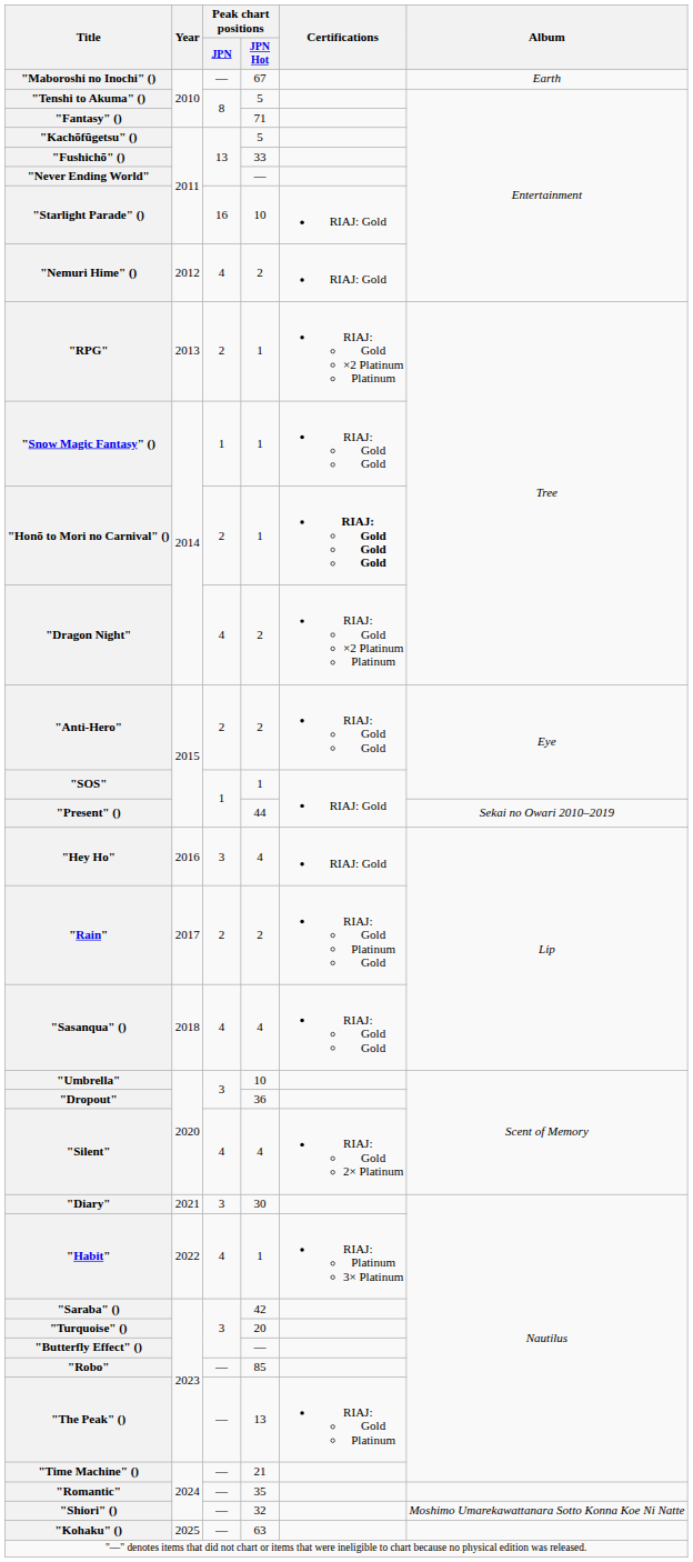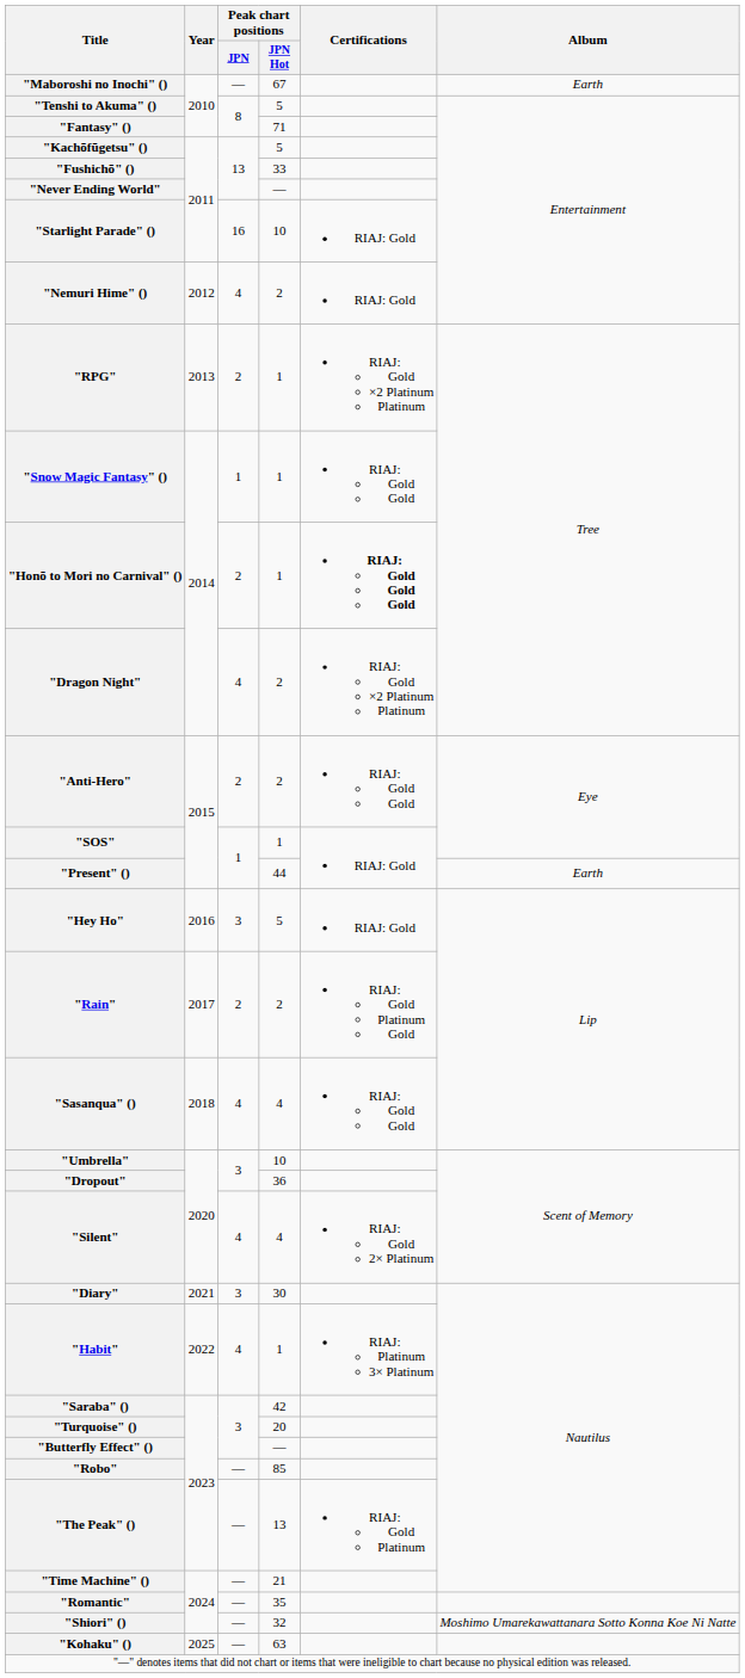 <table class="wikitable plainrowheaders" style="text-align:center;">
 <tr>
 <th scope="col" rowspan="2">Title</th>
 <th scope="col" rowspan="2">Year</th>
 <th scope="col" colspan="2">Peak chart<br>positions</th>
 <th scope="col" rowspan="2">Certifications</th>
 <th scope="col" rowspan="2">Album</th>
 </tr>
 <tr>
 <th scope="col" style="width:3em;font-size:90%;"><a href='#'>JPN</a><br></th>
 <th scope="col" style="width:3em;font-size:90%;"><a href='#'>JPN<br>Hot</a><br></th>
 </tr>
 <tr>
 <th scope="row">"Maboroshi no Inochi" ()</th>
 <td rowspan="3">2010</td>
 <td>—</td>
 <td>67<br></td>
 <td></td>
 <td><em>Earth</em></td>
 </tr>
 <tr>
 <th scope="row">"Tenshi to Akuma" ()</th>
 <td rowspan="2">8</td>
 <td>5</td>
 <td></td>
 <td rowspan="7"><em>Entertainment</em></td>
 </tr>
 <tr>
 <th scope="row">"Fantasy" ()</th>
 <td>71</td>
 <td></td>
 </tr>
 <tr>
 <th scope="row">"Kachōfūgetsu" ()</th>
 <td rowspan="4">2011</td>
 <td rowspan="3">13</td>
 <td>5<br></td>
 <td></td>
 </tr>
 <tr>
 <th scope="row">"Fushichō" ()</th>
 <td>33<br></td>
 </tr>
 <tr>
 <th scope="row">"Never Ending World"</th>
 <td>—<br></td>
 <td></td>
 </tr>
 <tr>
 <th scope="row">"Starlight Parade" ()</th>
 <td>16</td>
 <td>10</td>
 <td><br><ul><li>RIAJ: Gold </li></ul></td>
 </tr>
 <tr>
 <th scope="row">"Nemuri Hime" ()</th>
 <td>2012</td>
 <td>4</td>
 <td>2</td>
 <td><br><ul><li>RIAJ: Gold </li></ul></td>
 </tr>
 <tr>
 <th scope="row">"RPG"</th>
 <td>2013</td>
 <td>2</td>
 <td>1</td>
 <td><br><ul><li>RIAJ:<ul><li>Gold </li><li>×2 Platinum </li><li>Platinum </li></ul></li></ul></td>
 <td rowspan="4"><em>Tree</em></td>
 </tr>
 <tr>
 <th scope="row">"<a href='#'>Snow Magic Fantasy</a>" ()</th>
 <td rowspan="3">2014</td>
 <td>1</td>
 <td>1</td>
 <td><br><ul><li>RIAJ:<ul><li>Gold </li><li>Gold </li></ul></li></ul></td>
 </tr>
 <tr>
 <th scope="row">"Honō to Mori no Carnival" ()</th>
 <td>2</td>
 <td>1</td>
 <td><strong><br><ul><li>RIAJ:<ul><li>Gold </li><li>Gold </li><li>Gold </li></ul></li></ul></strong></td>
 </tr>
 <tr>
 <th scope="row">"Dragon Night"</th>
 <td>4</td>
 <td>2</td>
 <td><br><ul><li>RIAJ:<ul><li>Gold </li><li>×2 Platinum </li><li>Platinum </li></ul></li></ul></td>
 </tr>
 <tr>
 <th scope="row">"Anti-Hero"</th>
 <td rowspan="3">2015</td>
 <td>2</td>
 <td>2</td>
 <td><br><ul><li>RIAJ:<ul><li>Gold </li><li>Gold </li></ul></li></ul></td>
 <td rowspan="2"><em>Eye</em></td>
 </tr>
 <tr>
 <th scope="row">"SOS"</th>
 <td rowspan="2">1</td>
 <td>1</td>
 <td rowspan="2"><br><ul><li>RIAJ: Gold </li></ul></td>
 </tr>
 <tr>
 <th scope="row">"Present" ()</th>
 <td>44</td>
-<td><em>Sekai no Owari 2010–2019</em></td>
+<td><em>Earth</em></td>
 </tr>
 <tr>
 <th scope="row">"Hey Ho"</th>
 <td>2016</td>
 <td>3</td>
-<td>4</td>
+<td>5</td>
 <td><br><ul><li>RIAJ: Gold </li></ul></td>
 <td rowspan="3"><em>Lip</em></td>
 </tr>
 <tr>
 <th scope="row">"<a href='#'>Rain</a>"</th>
 <td>2017</td>
 <td>2</td>
 <td>2</td>
 <td><br><ul><li>RIAJ:<ul><li>Gold </li><li>Platinum </li><li>Gold </li></ul></li></ul></td>
 </tr>
 <tr>
 <th scope="row">"Sasanqua" ()</th>
 <td>2018</td>
 <td>4</td>
 <td>4</td>
 <td><br><ul><li>RIAJ:<ul><li>Gold </li><li>Gold </li></ul></li></ul></td>
 </tr>
 <tr>
 <th scope="row">"Umbrella"</th>
 <td rowspan="3">2020</td>
 <td rowspan="2">3</td>
 <td>10</td>
 <td></td>
 <td rowspan="3"><em>Scent of Memory</em></td>
 </tr>
 <tr>
 <th scope="row">"Dropout"</th>
 <td>36</td>
 <td></td>
 </tr>
 <tr>
 <th scope="row">"Silent"</th>
 <td>4</td>
 <td>4</td>
 <td><br><ul><li>RIAJ:<ul><li>Gold </li><li>2× Platinum </li></ul></li></ul></td>
 </tr>
 <tr>
 <th scope="row">"Diary"</th>
 <td>2021</td>
 <td>3</td>
 <td>30</td>
 <td></td>
 <td rowspan="8"><em>Nautilus</em></td>
 </tr>
 <tr>
 <th scope="row">"<a href='#'>Habit</a>"</th>
 <td>2022</td>
 <td>4</td>
 <td>1</td>
 <td><br><ul><li>RIAJ:<ul><li>Platinum </li><li>3× Platinum </li></ul></li></ul></td>
 </tr>
 <tr>
 <th scope="row">"Saraba" ()</th>
 <td rowspan="5">2023</td>
 <td rowspan="3">3</td>
 <td>42</td>
 <td></td>
 </tr>
 <tr>
 <th scope="row">"Turquoise" ()</th>
 <td>20</td>
 <td></td>
 </tr>
 <tr>
 <th scope="row">"Butterfly Effect" ()</th>
 <td>—</td>
 <td></td>
 </tr>
 <tr>
 <th scope="row">"Robo"</th>
 <td>—</td>
 <td>85</td>
 <td></td>
 </tr>
 <tr>
 <th scope="row">"The Peak" ()</th>
 <td>—</td>
 <td>13</td>
 <td><br><ul><li>RIAJ:<ul><li>Gold </li><li>Platinum </li></ul></li></ul></td>
 </tr>
 <tr>
 <th scope="row">"Time Machine" ()</th>
 <td rowspan="3">2024</td>
 <td>—</td>
 <td>21</td>
 <td></td>
 </tr>
 <tr>
 <th scope="row">"Romantic"</th>
 <td>—</td>
 <td>35</td>
 <td></td>
 <td></td>
 </tr>
 <tr>
 <th scope="row">"Shiori" ()</th>
 <td>—</td>
 <td>32</td>
 <td></td>
 <td><em>Moshimo Umarekawattanara Sotto Konna Koe Ni Natte</em></td>
 </tr>
 <tr>
 <th scope="row">"Kohaku" ()</th>
 <td>2025</td>
 <td>—</td>
 <td>63</td>
 <td></td>
 <td></td>
 </tr>
 <tr>
 <td colspan="14" style="font-size:85%">"—" denotes items that did not chart or items that were ineligible to chart because no physical edition was released.</td>
 </tr>
 </table>
